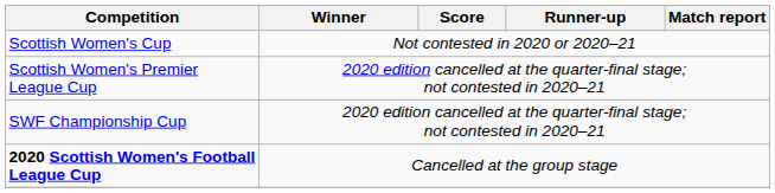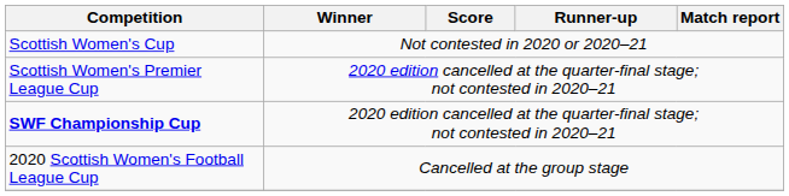 <table class="wikitable" style="text-align:center">
 <tr>
 <th width=245>Competition</th>
 <th width=150>Winner</th>
 <th width=80>Score</th>
 <th width=150>Runner-up</th>
 <th>Match report</th>
 </tr>
 <tr>
 <td align=left><a href='#'>Scottish Women's Cup</a></td>
 <td colspan=4><em>Not contested in 2020 or 2020–21</em></td>
 </tr>
 <tr>
 <td align=left><a href='#'>Scottish Women's Premier League Cup</a></td>
 <td colspan=4><em><a href='#'>2020 edition</a> cancelled at the quarter-final stage;<br>not contested in 2020–21</em></td>
 </tr>
 <tr>
-<td align=left><a href='#'>SWF Championship Cup</a></td>
+<td align=left><strong><a href='#'>SWF Championship Cup</a></strong></td>
 <td colspan=4><em>2020 edition cancelled at the quarter-final stage;<br>not contested in 2020–21</em></td>
 </tr>
 <tr>
-<td align=left><strong>2020 <a href='#'>Scottish Women's Football League Cup</a></strong></td>
+<td align=left>2020 <a href='#'>Scottish Women's Football League Cup</a></td>
 <td colspan=4><em>Cancelled at the group stage</em></td>
 </tr>
 <tr>
 </tr>
 </table>
